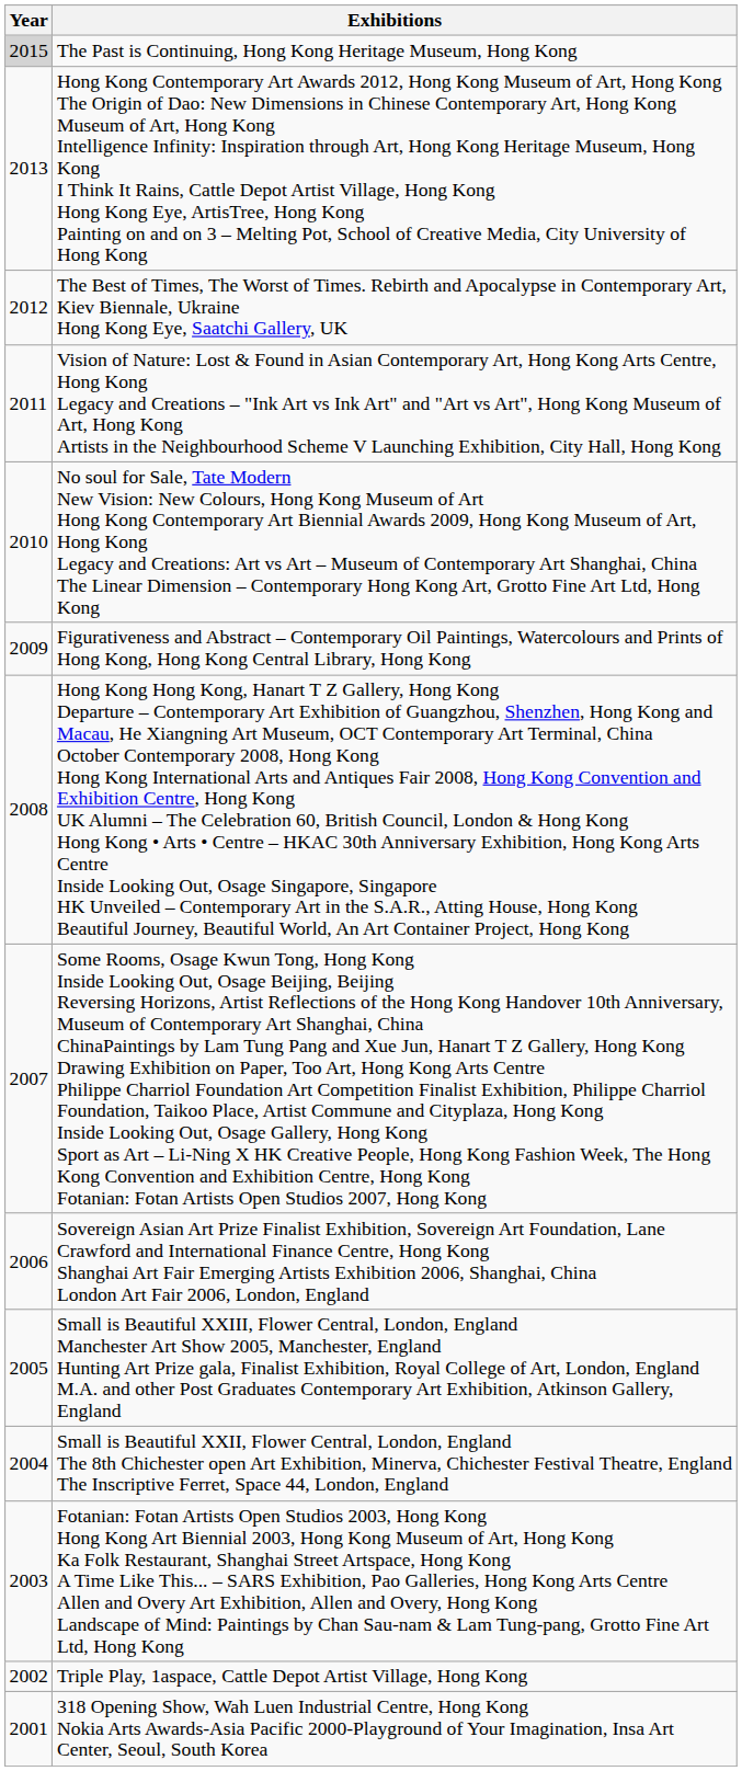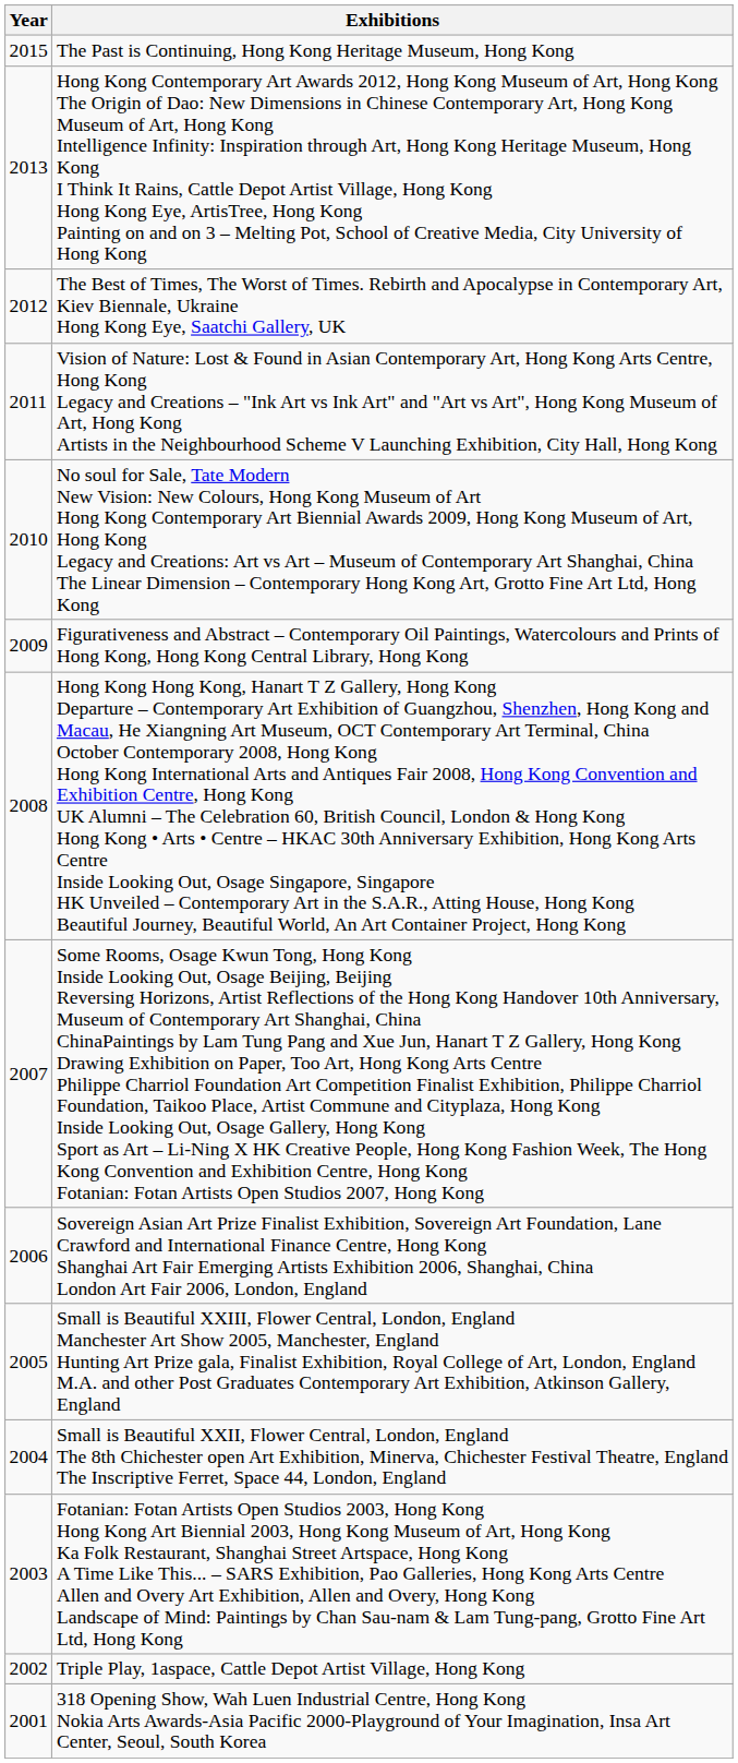 <table class="wikitable">
 <tr>
 <th>Year</th>
 <th>Exhibitions</th>
 </tr>
 <tr>
-<td style="background: lightgrey;">2015</td>
+<td>2015</td>
 <td>The Past is Continuing, Hong Kong Heritage Museum, Hong Kong</td>
 </tr>
 <tr>
 <td>2013</td>
 <td>Hong Kong Contemporary Art Awards 2012, Hong Kong Museum of Art, Hong Kong<br>The Origin of Dao: New Dimensions in Chinese Contemporary Art, Hong Kong Museum of Art, Hong Kong<br>Intelligence Infinity: Inspiration through Art, Hong Kong Heritage Museum, Hong Kong<br>I Think It Rains, Cattle Depot Artist Village, Hong Kong<br>Hong Kong Eye, ArtisTree, Hong Kong<br>Painting on and on 3 – Melting Pot, School of Creative Media, City University of Hong Kong</td>
 </tr>
 <tr>
 <td>2012</td>
 <td>The Best of Times, The Worst of Times. Rebirth and Apocalypse in Contemporary Art, Kiev Biennale, Ukraine<br>Hong Kong Eye, <a href='#'>Saatchi Gallery</a>, UK</td>
 </tr>
 <tr>
 <td>2011</td>
 <td>Vision of Nature: Lost & Found in Asian Contemporary Art, Hong Kong Arts Centre, Hong Kong<br>Legacy and Creations – "Ink Art vs Ink Art" and "Art vs Art", Hong Kong Museum of Art, Hong Kong<br>Artists in the Neighbourhood Scheme V Launching Exhibition, City Hall, Hong Kong</td>
 </tr>
 <tr>
 <td>2010</td>
 <td>No soul for Sale, <a href='#'>Tate Modern</a><br>New Vision: New Colours, Hong Kong Museum of Art<br>Hong Kong Contemporary Art Biennial Awards 2009, Hong Kong Museum of Art, Hong Kong<br>Legacy and Creations: Art vs Art – Museum of Contemporary Art Shanghai, China<br>The Linear Dimension – Contemporary Hong Kong Art, Grotto Fine Art Ltd, Hong Kong</td>
 </tr>
 <tr>
 <td>2009</td>
 <td>Figurativeness and Abstract – Contemporary Oil Paintings, Watercolours and Prints of Hong Kong, Hong Kong Central Library, Hong Kong</td>
 </tr>
 <tr>
 <td>2008</td>
 <td>Hong Kong Hong Kong, Hanart T Z Gallery, Hong Kong<br>Departure – Contemporary Art Exhibition of Guangzhou, <a href='#'>Shenzhen</a>, Hong Kong and <a href='#'>Macau</a>, He Xiangning Art Museum, OCT Contemporary Art Terminal, China<br>October Contemporary 2008, Hong Kong<br>Hong Kong International Arts and Antiques Fair 2008, <a href='#'>Hong Kong Convention and Exhibition Centre</a>, Hong Kong<br>UK Alumni – The Celebration 60, British Council, London & Hong Kong<br>Hong Kong • Arts • Centre – HKAC 30th Anniversary Exhibition, Hong Kong Arts Centre<br>Inside Looking Out, Osage Singapore, Singapore<br>HK Unveiled – Contemporary Art in the S.A.R., Atting House, Hong Kong<br>Beautiful Journey, Beautiful World, An Art Container Project, Hong Kong</td>
 </tr>
 <tr>
 <td>2007</td>
 <td>Some Rooms, Osage Kwun Tong, Hong Kong<br>Inside Looking Out, Osage Beijing, Beijing<br>Reversing Horizons, Artist Reflections of the Hong Kong Handover 10th Anniversary, Museum of Contemporary Art Shanghai, China<br>ChinaPaintings by Lam Tung Pang and Xue Jun, Hanart T Z Gallery, Hong Kong<br>Drawing Exhibition on Paper, Too Art, Hong Kong Arts Centre<br>Philippe Charriol Foundation Art Competition Finalist Exhibition, Philippe Charriol Foundation, Taikoo Place, Artist Commune and Cityplaza, Hong Kong<br>Inside Looking Out, Osage Gallery, Hong Kong<br>Sport as Art – Li-Ning X HK Creative People, Hong Kong Fashion Week, The Hong Kong Convention and Exhibition Centre, Hong Kong<br>Fotanian: Fotan Artists Open Studios 2007, Hong Kong</td>
 </tr>
 <tr>
 <td>2006</td>
 <td>Sovereign Asian Art Prize Finalist Exhibition, Sovereign Art Foundation, Lane Crawford and International Finance Centre, Hong Kong<br>Shanghai Art Fair Emerging Artists Exhibition 2006, Shanghai, China<br>London Art Fair 2006, London, England</td>
 </tr>
 <tr>
 <td>2005</td>
 <td>Small is Beautiful XXIII, Flower Central, London, England<br>Manchester Art Show 2005, Manchester, England<br>Hunting Art Prize gala, Finalist Exhibition, Royal College of Art, London, England<br>M.A. and other Post Graduates Contemporary Art Exhibition, Atkinson Gallery, England</td>
 </tr>
 <tr>
 <td>2004</td>
 <td>Small is Beautiful XXII, Flower Central, London, England<br>The 8th Chichester open Art Exhibition, Minerva, Chichester Festival Theatre, England<br>The Inscriptive Ferret, Space 44, London, England</td>
 </tr>
 <tr>
 <td>2003</td>
 <td>Fotanian: Fotan Artists Open Studios 2003, Hong Kong<br>Hong Kong Art Biennial 2003, Hong Kong Museum of Art, Hong Kong<br>Ka Folk Restaurant, Shanghai Street Artspace, Hong Kong<br>A Time Like This... – SARS Exhibition, Pao Galleries, Hong Kong Arts Centre<br>Allen and Overy Art Exhibition, Allen and Overy, Hong Kong<br>Landscape of Mind: Paintings by Chan Sau-nam & Lam Tung-pang, Grotto Fine Art Ltd, Hong Kong</td>
 </tr>
 <tr>
 <td>2002</td>
 <td>Triple Play, 1aspace, Cattle Depot Artist Village, Hong Kong</td>
 </tr>
 <tr>
 <td>2001</td>
 <td>318 Opening Show, Wah Luen Industrial Centre, Hong Kong<br>Nokia Arts Awards-Asia Pacific 2000-Playground of Your Imagination, Insa Art Center, Seoul, South Korea</td>
 </tr>
 </table>
